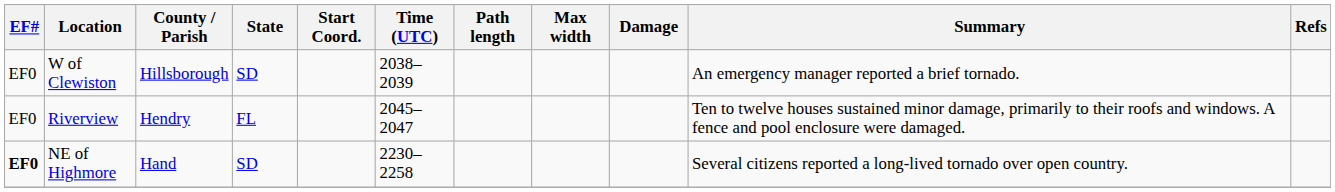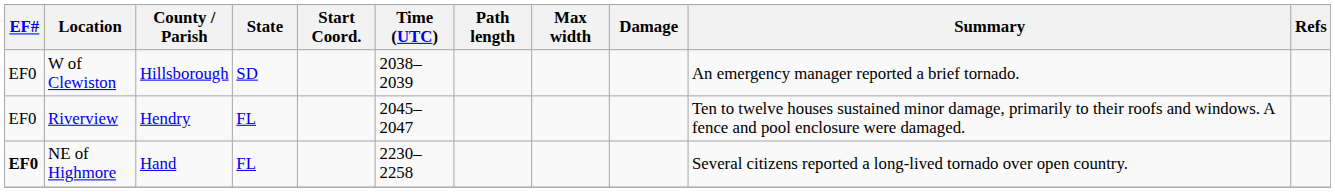 <table class="wikitable sortable" style="width:100%;">
 <tr>
 <th scope="col" width="3%" align="center"><a href='#'>EF#</a></th>
 <th scope="col" width="7%" align="center" class="unsortable">Location</th>
 <th scope="col" width="6%" align="center" class="unsortable">County / Parish</th>
 <th scope="col" width="5%" align="center">State</th>
 <th scope="col" width="6%" class="unsortable" align="center">Start Coord.</th>
 <th scope="col" width="6%" align="center">Time (<a href='#'>UTC</a>)</th>
 <th scope="col" width="6%" align="center">Path length</th>
 <th scope="col" width="6%" align="center">Max width</th>
 <th scope="col" width="6%" align="center">Damage</th>
 <th scope="col" width="48%" class="unsortable" align="center">Summary</th>
 <th scope="col" width="48%" class="unsortable" align="center">Refs</th>
 </tr>
 <tr>
 <td>EF0</td>
 <td>W of <a href='#'>Clewiston</a></td>
 <td><a href='#'>Hillsborough</a></td>
 <td><a href='#'>SD</a></td>
 <td></td>
 <td>2038–2039</td>
 <td></td>
 <td></td>
 <td></td>
 <td>An emergency manager reported a brief tornado.</td>
 <td></td>
 </tr>
 <tr>
 <td>EF0</td>
 <td><a href='#'>Riverview</a></td>
 <td><a href='#'>Hendry</a></td>
 <td><a href='#'>FL</a></td>
 <td></td>
 <td>2045–2047</td>
 <td></td>
 <td></td>
 <td></td>
 <td>Ten to twelve houses sustained minor damage, primarily to their roofs and windows. A fence and pool enclosure were damaged.</td>
 <td></td>
 </tr>
 <tr>
 <td><strong>EF0</strong></td>
 <td>NE of <a href='#'>Highmore</a></td>
 <td><a href='#'>Hand</a></td>
-<td><a href='#'>SD</a></td>
+<td><a href='#'>FL</a></td>
 <td></td>
 <td>2230–2258</td>
 <td></td>
 <td></td>
 <td></td>
 <td>Several citizens reported a long-lived tornado over open country.</td>
 <td></td>
 </tr>
 <tr>
 </tr>
 </table>
